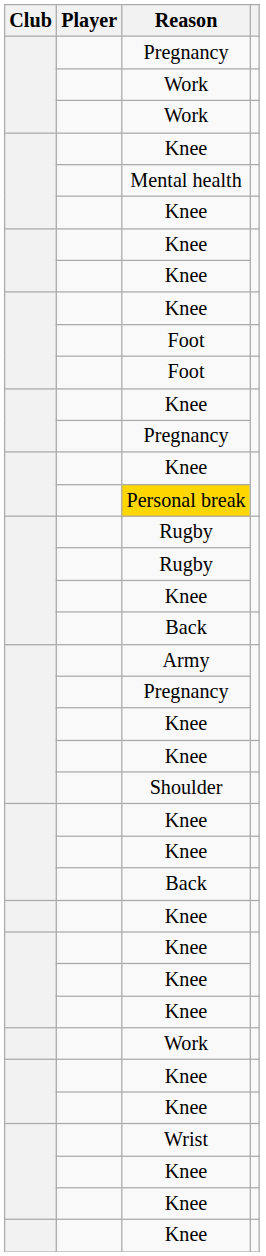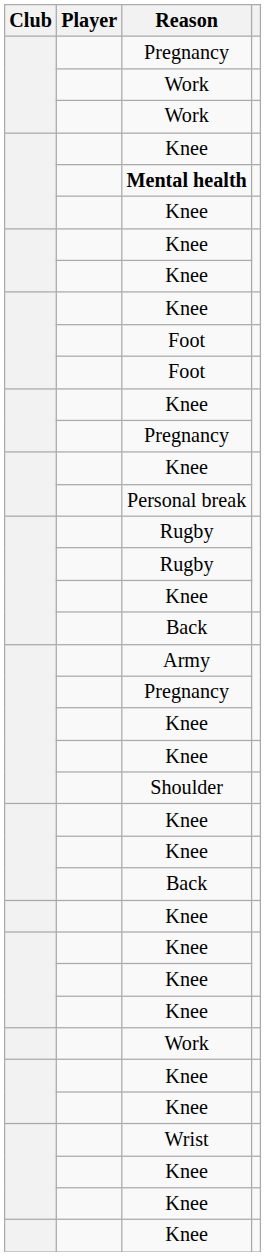 <table class="wikitable sortable plainrowheaders" style="text-align:center;">
 <tr>
 <th scope="col">Club</th>
 <th scope="col">Player</th>
 <th scope="col">Reason</th>
 <th class="unsortable"></th>
 </tr>
 <tr>
 <th scope="row" rowspan=3></th>
 <td></td>
 <td>Pregnancy</td>
 <td></td>
 </tr>
 <tr>
 <td></td>
 <td>Work</td>
 <td></td>
 </tr>
 <tr>
 <td></td>
 <td>Work</td>
 <td></td>
 </tr>
 <tr>
 <th scope="row" rowspan=3></th>
 <td></td>
 <td>Knee</td>
 <td></td>
 </tr>
 <tr>
 <td></td>
-<td>Mental health</td>
+<td><strong>Mental health</strong></td>
 <td></td>
 </tr>
 <tr>
 <td></td>
 <td>Knee</td>
 <td></td>
 </tr>
 <tr>
 <th rowspan=2 scope="row"></th>
 <td></td>
 <td>Knee</td>
 <td rowspan=2></td>
 </tr>
 <tr>
 <td></td>
 <td>Knee</td>
 </tr>
 <tr>
 <th rowspan=3 scope="row"></th>
 <td></td>
 <td>Knee</td>
 <td></td>
 </tr>
 <tr>
 <td></td>
 <td>Foot</td>
 <td></td>
 </tr>
 <tr>
 <td></td>
 <td>Foot</td>
 <td></td>
 </tr>
 <tr>
 <th rowspan=2 scope="row"></th>
 <td></td>
 <td>Knee</td>
 <td rowspan=2></td>
 </tr>
 <tr>
 <td></td>
 <td>Pregnancy</td>
 </tr>
 <tr>
 <th rowspan=2 scope="row"></th>
 <td></td>
 <td>Knee</td>
 <td rowspan=2></td>
 </tr>
 <tr>
 <td></td>
-<td style="background: gold;">Personal break</td>
+<td>Personal break</td>
 </tr>
 <tr>
 <th rowspan=4 scope="row"></th>
 <td></td>
 <td>Rugby</td>
 <td rowspan=3></td>
 </tr>
 <tr>
 <td></td>
 <td>Rugby</td>
 </tr>
 <tr>
 <td></td>
 <td>Knee</td>
 </tr>
 <tr>
 <td></td>
 <td>Back</td>
 <td></td>
 </tr>
 <tr>
 <th scope="row" rowspan=5></th>
 <td></td>
 <td>Army</td>
 <td rowspan=3></td>
 </tr>
 <tr>
 <td></td>
 <td>Pregnancy</td>
 </tr>
 <tr>
 <td></td>
 <td>Knee</td>
 </tr>
 <tr>
 <td></td>
 <td>Knee</td>
 <td></td>
 </tr>
 <tr>
 <td></td>
 <td>Shoulder</td>
 <td></td>
 </tr>
 <tr>
 <th rowspan=3 scope="row"></th>
 <td></td>
 <td>Knee</td>
 <td></td>
 </tr>
 <tr>
 <td></td>
 <td>Knee</td>
 <td></td>
 </tr>
 <tr>
 <td></td>
 <td>Back</td>
 <td></td>
 </tr>
 <tr>
 <th scope="row"></th>
 <td></td>
 <td>Knee</td>
 <td></td>
 </tr>
 <tr>
 <th rowspan=3 scope="row"></th>
 <td></td>
 <td>Knee</td>
 <td rowspan=2></td>
 </tr>
 <tr>
 <td></td>
 <td>Knee</td>
 </tr>
 <tr>
 <td></td>
 <td>Knee</td>
 <td></td>
 </tr>
 <tr>
 <th scope="row"></th>
 <td></td>
 <td>Work</td>
 <td></td>
 </tr>
 <tr>
 <th rowspan=2 scope="row"></th>
 <td></td>
 <td>Knee</td>
 <td></td>
 </tr>
 <tr>
 <td></td>
 <td>Knee</td>
 <td></td>
 </tr>
 <tr>
 <th rowspan=3 scope="row"></th>
 <td></td>
 <td>Wrist</td>
 <td></td>
 </tr>
 <tr>
 <td></td>
 <td>Knee</td>
 <td></td>
 </tr>
 <tr>
 <td></td>
 <td>Knee</td>
 <td></td>
 </tr>
 <tr>
 <th scope="row"></th>
 <td></td>
 <td>Knee</td>
 <td></td>
 </tr>
 </table>
